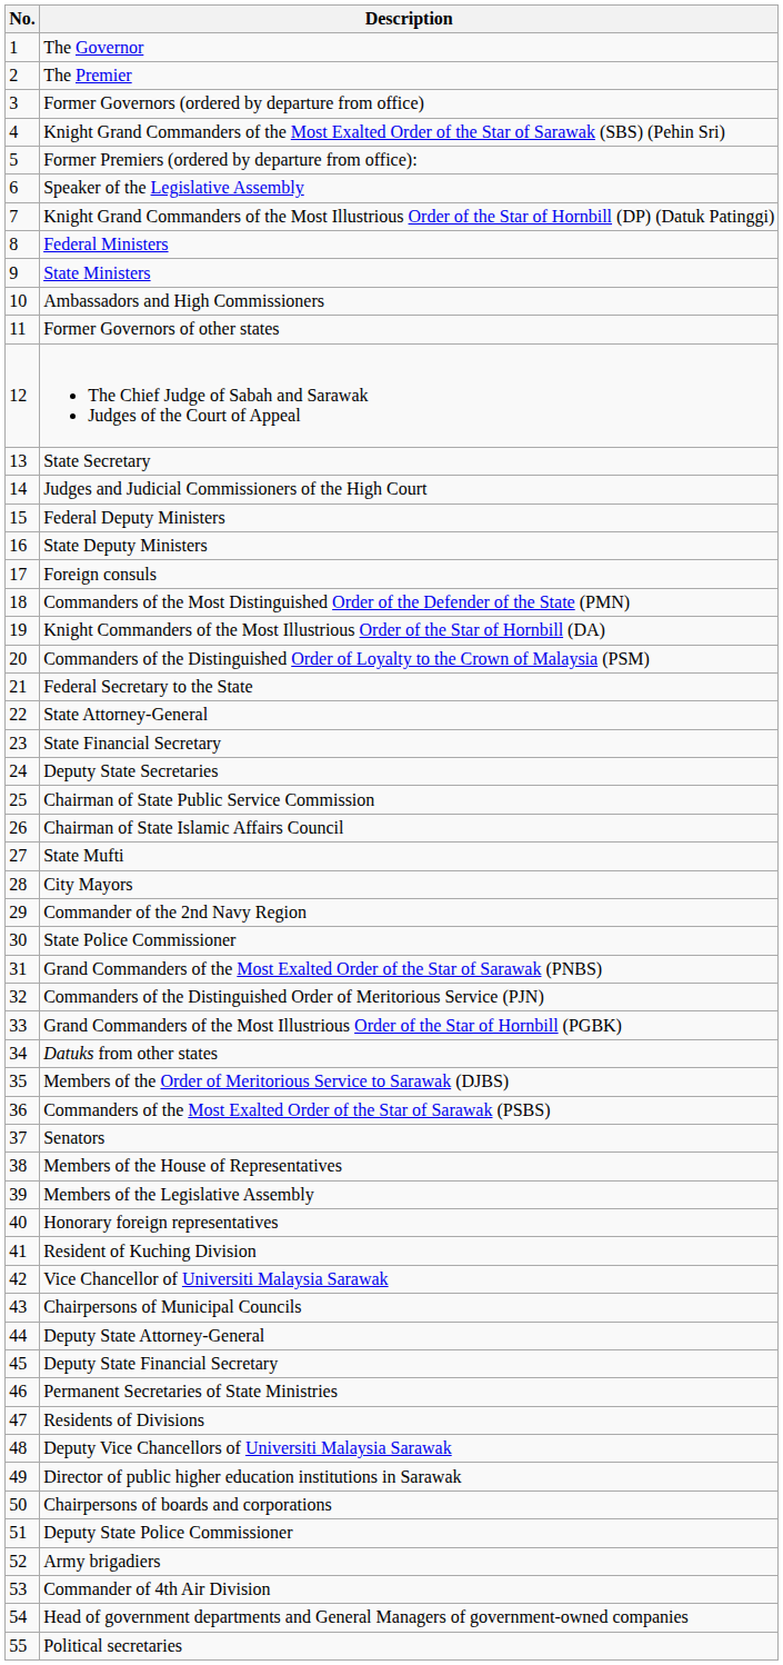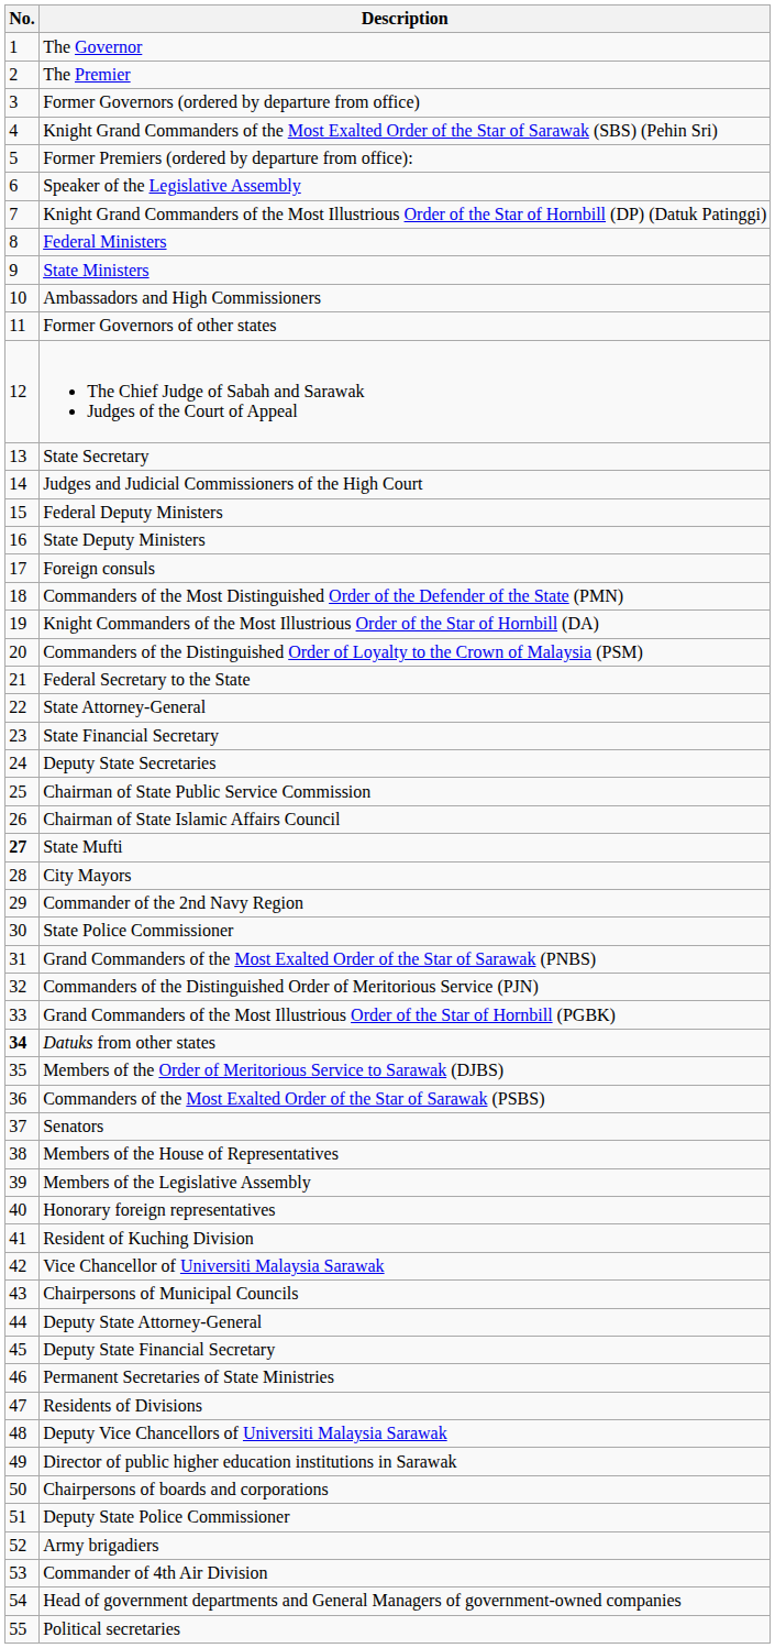 <table class="wikitable">
 <tr>
 <th>No.</th>
 <th>Description</th>
 </tr>
 <tr>
 <td>1</td>
 <td>The <a href='#'>Governor</a></td>
 </tr>
 <tr>
 <td>2</td>
 <td>The <a href='#'>Premier</a></td>
 </tr>
 <tr>
 <td>3</td>
 <td>Former Governors (ordered by departure from office)</td>
 </tr>
 <tr>
 <td>4</td>
 <td>Knight Grand Commanders of the <a href='#'>Most Exalted Order of the Star of Sarawak</a> (SBS) (Pehin Sri)</td>
 </tr>
 <tr>
 <td>5</td>
 <td>Former Premiers (ordered by departure from office):</td>
 </tr>
 <tr>
 <td>6</td>
 <td>Speaker of the <a href='#'>Legislative Assembly</a></td>
 </tr>
 <tr>
 <td>7</td>
 <td>Knight Grand Commanders of the Most Illustrious <a href='#'>Order of the Star of Hornbill</a> (DP) (Datuk Patinggi)</td>
 </tr>
 <tr>
 <td>8</td>
 <td><a href='#'>Federal Ministers</a></td>
 </tr>
 <tr>
 <td>9</td>
 <td><a href='#'>State Ministers</a></td>
 </tr>
 <tr>
 <td>10</td>
 <td>Ambassadors and High Commissioners</td>
 </tr>
 <tr>
 <td>11</td>
 <td>Former Governors of other states</td>
 </tr>
 <tr>
 <td>12</td>
 <td><br><ul><li>The Chief Judge of Sabah and Sarawak</li><li>Judges of the Court of Appeal</li></ul></td>
 </tr>
 <tr>
 <td>13</td>
 <td>State Secretary</td>
 </tr>
 <tr>
 <td>14</td>
 <td>Judges and Judicial Commissioners of the High Court</td>
 </tr>
 <tr>
 <td>15</td>
 <td>Federal Deputy Ministers</td>
 </tr>
 <tr>
 <td>16</td>
 <td>State Deputy Ministers</td>
 </tr>
 <tr>
 <td>17</td>
 <td>Foreign consuls</td>
 </tr>
 <tr>
 <td>18</td>
 <td>Commanders of the Most Distinguished <a href='#'>Order of the Defender of the State</a> (PMN)</td>
 </tr>
 <tr>
 <td>19</td>
 <td>Knight Commanders of the Most Illustrious <a href='#'>Order of the Star of Hornbill</a> (DA)</td>
 </tr>
 <tr>
 <td>20</td>
 <td>Commanders of the Distinguished <a href='#'>Order of Loyalty to the Crown of Malaysia</a> (PSM)</td>
 </tr>
 <tr>
 <td>21</td>
 <td>Federal Secretary to the State</td>
 </tr>
 <tr>
 <td>22</td>
 <td>State Attorney-General</td>
 </tr>
 <tr>
 <td>23</td>
 <td>State Financial Secretary</td>
 </tr>
 <tr>
 <td>24</td>
 <td>Deputy State Secretaries</td>
 </tr>
 <tr>
 <td>25</td>
 <td>Chairman of State Public Service Commission</td>
 </tr>
 <tr>
 <td>26</td>
 <td>Chairman of State Islamic Affairs Council</td>
 </tr>
 <tr>
-<td>27</td>
+<td><strong>27</strong></td>
 <td>State Mufti</td>
 </tr>
 <tr>
 <td>28</td>
 <td>City Mayors</td>
 </tr>
 <tr>
 <td>29</td>
 <td>Commander of the 2nd Navy Region</td>
 </tr>
 <tr>
 <td>30</td>
 <td>State Police Commissioner</td>
 </tr>
 <tr>
 <td>31</td>
 <td>Grand Commanders of the <a href='#'>Most Exalted Order of the Star of Sarawak</a> (PNBS)</td>
 </tr>
 <tr>
 <td>32</td>
 <td>Commanders of the Distinguished Order of Meritorious Service (PJN)</td>
 </tr>
 <tr>
 <td>33</td>
 <td>Grand Commanders of the Most Illustrious <a href='#'>Order of the Star of Hornbill</a> (PGBK)</td>
 </tr>
 <tr>
-<td>34</td>
+<td><strong>34</strong></td>
 <td><em>Datuks</em> from other states</td>
 </tr>
 <tr>
 <td>35</td>
 <td>Members of the <a href='#'>Order of Meritorious Service to Sarawak</a> (DJBS)</td>
 </tr>
 <tr>
 <td>36</td>
 <td>Commanders of the <a href='#'>Most Exalted Order of the Star of Sarawak</a> (PSBS)</td>
 </tr>
 <tr>
 <td>37</td>
 <td>Senators</td>
 </tr>
 <tr>
 <td>38</td>
 <td>Members of the House of Representatives</td>
 </tr>
 <tr>
 <td>39</td>
 <td>Members of the Legislative Assembly</td>
 </tr>
 <tr>
 <td>40</td>
 <td>Honorary foreign representatives</td>
 </tr>
 <tr>
 <td>41</td>
 <td>Resident of Kuching Division</td>
 </tr>
 <tr>
 <td>42</td>
 <td>Vice Chancellor of <a href='#'>Universiti Malaysia Sarawak</a></td>
 </tr>
 <tr>
 <td>43</td>
 <td>Chairpersons of Municipal Councils</td>
 </tr>
 <tr>
 <td>44</td>
 <td>Deputy State Attorney-General</td>
 </tr>
 <tr>
 <td>45</td>
 <td>Deputy State Financial Secretary</td>
 </tr>
 <tr>
 <td>46</td>
 <td>Permanent Secretaries of State Ministries</td>
 </tr>
 <tr>
 <td>47</td>
 <td>Residents of Divisions</td>
 </tr>
 <tr>
 <td>48</td>
 <td>Deputy Vice Chancellors of <a href='#'>Universiti Malaysia Sarawak</a></td>
 </tr>
 <tr>
 <td>49</td>
 <td>Director of public higher education institutions in Sarawak</td>
 </tr>
 <tr>
 <td>50</td>
 <td>Chairpersons of boards and corporations</td>
 </tr>
 <tr>
 <td>51</td>
 <td>Deputy State Police Commissioner</td>
 </tr>
 <tr>
 <td>52</td>
 <td>Army brigadiers</td>
 </tr>
 <tr>
 <td>53</td>
 <td>Commander of 4th Air Division</td>
 </tr>
 <tr>
 <td>54</td>
 <td>Head of government departments and General Managers of government-owned companies</td>
 </tr>
 <tr>
 <td>55</td>
 <td>Political secretaries</td>
 </tr>
 </table>
